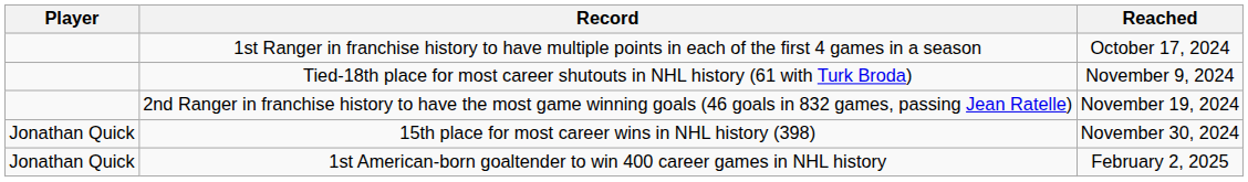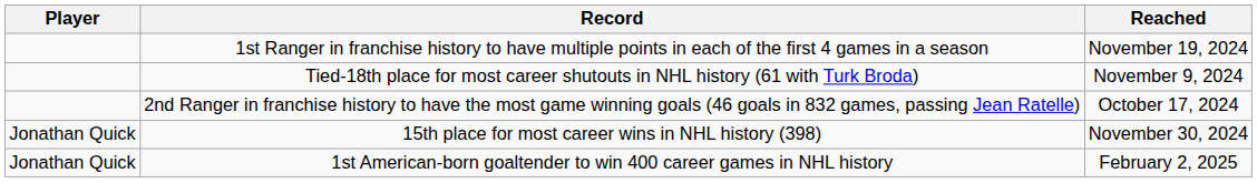 <table class="wikitable sortable" style="text-align:center;">
 <tr>
 <th>Player</th>
 <th>Record</th>
 <th>Reached</th>
 </tr>
 <tr>
 <td></td>
 <td>1st Ranger in franchise history to have multiple points in each of the first 4 games in a season</td>
-<td>October 17, 2024</td>
+<td>November 19, 2024</td>
 </tr>
 <tr>
 <td></td>
 <td>Tied-18th place for most career shutouts in NHL history (61 with <a href='#'>Turk Broda</a>)</td>
 <td>November 9, 2024</td>
 </tr>
 <tr>
 <td></td>
 <td>2nd Ranger in franchise history to have the most game winning goals (46 goals in 832 games, passing <a href='#'>Jean Ratelle</a>)</td>
-<td>November 19, 2024</td>
+<td>October 17, 2024</td>
 </tr>
 <tr>
 <td>Jonathan Quick</td>
 <td>15th place for most career wins in NHL history (398)</td>
 <td>November 30, 2024</td>
 </tr>
 <tr>
 <td>Jonathan Quick</td>
 <td>1st American-born goaltender to win 400 career games in NHL history</td>
 <td>February 2, 2025</td>
 </tr>
 </table>
